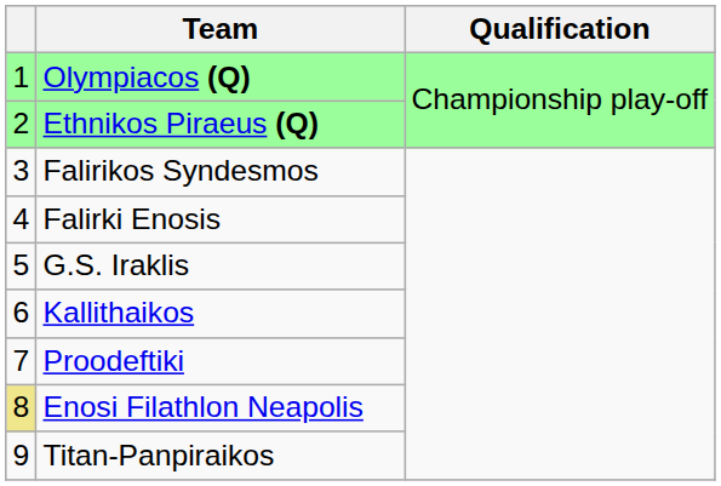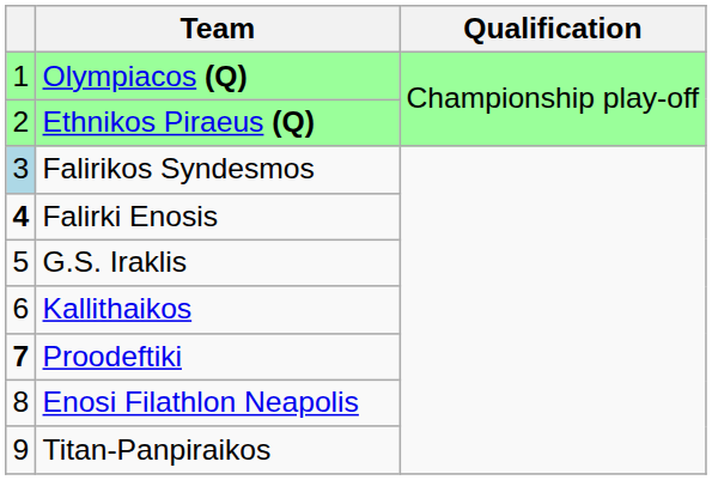 <table class="wikitable" style="text-align: center; font-size:100%">
 <tr>
 <th></th>
 <th width=190>Team</th>
 <th>Qualification</th>
 </tr>
 <tr bgcolor=#9AFF9A>
 <td>1</td>
 <td align=left><a href='#'>Olympiacos</a> <strong>(Q)</strong></td>
 <td rowspan=2>Championship play-off</td>
 </tr>
 <tr bgcolor=#9AFF9A>
 <td>2</td>
 <td align=left><a href='#'>Ethnikos Piraeus</a> <strong>(Q)</strong></td>
 </tr>
 <tr>
-<td>3</td>
+<td style="background: lightblue;">3</td>
 <td align=left>Falirikos Syndesmos</td>
 <td rowspan=7></td>
 </tr>
 <tr>
-<td>4</td>
+<td><strong>4</strong></td>
 <td align=left>Falirki Enosis</td>
 </tr>
 <tr>
 <td>5</td>
 <td align=left>G.S. Iraklis</td>
 </tr>
 <tr>
 <td>6</td>
 <td align=left><a href='#'>Kallithaikos</a></td>
 </tr>
 <tr>
-<td>7</td>
+<td><strong>7</strong></td>
 <td align=left><a href='#'>Proodeftiki</a></td>
 </tr>
 <tr>
-<td style="background: khaki;">8</td>
+<td>8</td>
 <td align=left><a href='#'>Enosi Filathlon Neapolis</a></td>
 </tr>
 <tr>
 <td>9</td>
 <td align=left>Titan-Panpiraikos</td>
 </tr>
 </table>
